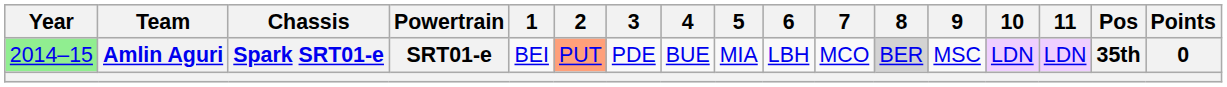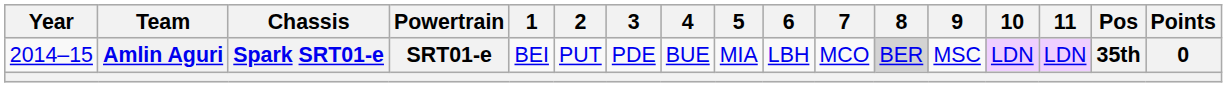 <table class="wikitable" style="text-align:center; font-size:85%">
 <tr>
 <th>Year</th>
 <th>Team</th>
 <th>Chassis</th>
 <th>Powertrain</th>
 <th>1</th>
 <th>2</th>
 <th>3</th>
 <th>4</th>
 <th>5</th>
 <th>6</th>
 <th>7</th>
 <th>8</th>
 <th>9</th>
 <th>10</th>
 <th>11</th>
 <th>Pos</th>
 <th>Points</th>
 </tr>
 <tr>
-<td nowrap style="background: lightgreen;"><a href='#'>2014–15</a></td>
+<td nowrap><a href='#'>2014–15</a></td>
 <th nowrap><a href='#'>Amlin Aguri</a></th>
 <th nowrap><a href='#'>Spark</a> <a href='#'>SRT01-e</a></th>
 <th nowrap>SRT01-e</th>
 <td><a href='#'>BEI</a></td>
-<td style="background: lightsalmon;"><a href='#'>PUT</a></td>
+<td><a href='#'>PUT</a></td>
 <td><a href='#'>PDE</a></td>
 <td><a href='#'>BUE</a></td>
 <td><a href='#'>MIA</a></td>
 <td><a href='#'>LBH</a></td>
 <td><a href='#'>MCO</a></td>
 <td style="background: lightgrey;"><a href='#'>BER</a></td>
 <td><a href='#'>MSC</a></td>
 <td style="background:#EFCFFF;"><a href='#'>LDN</a><br></td>
 <td style="background:#EFCFFF;"><a href='#'>LDN</a><br></td>
 <th>35th</th>
 <th>0</th>
 </tr>
 <tr>
 <th colspan="17"></th>
 </tr>
 </table>
